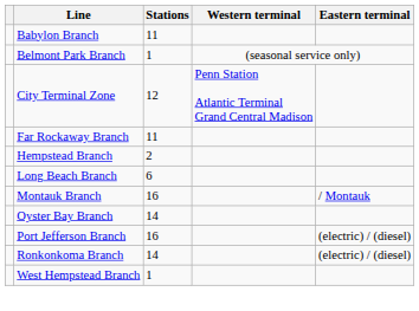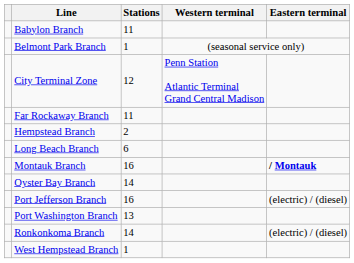 <table class="wikitable sortable">
 <tr>
 <th class="unsortable"></th>
 <th>Line</th>
 <th>Stations</th>
 <th class="unsortable">Western terminal</th>
 <th class="unsortable">Eastern terminal</th>
 </tr>
 <tr>
 <td style="background-color:#"> </td>
 <td><a href='#'>Babylon Branch</a></td>
 <td>11</td>
 <td></td>
 <td></td>
 </tr>
 <tr>
 <td style="background-color:#"> </td>
 <td><a href='#'>Belmont Park Branch</a></td>
 <td>1</td>
 <td colspan=2 align=center> (seasonal service only)</td>
 </tr>
 <tr>
 <td style="background-color:#"> </td>
 <td><a href='#'>City Terminal Zone</a></td>
 <td>12</td>
 <td><a href='#'>Penn Station</a><br><br><a href='#'>Atlantic Terminal</a><br><a href='#'>Grand Central Madison</a></td>
 <td></td>
 </tr>
 <tr>
 <td style="background-color:#"> </td>
 <td><a href='#'>Far Rockaway Branch</a></td>
 <td>11</td>
 <td></td>
 <td></td>
 </tr>
 <tr>
 <td style="background-color:#"> </td>
 <td><a href='#'>Hempstead Branch</a></td>
 <td>2</td>
 <td></td>
 <td></td>
 </tr>
 <tr>
 <td style="background-color:#"> </td>
 <td><a href='#'>Long Beach Branch</a></td>
 <td>6</td>
 <td></td>
 <td></td>
 </tr>
 <tr>
 <td style="background-color:#"> </td>
 <td><a href='#'>Montauk Branch</a></td>
 <td>16</td>
 <td></td>
-<td> / <a href='#'>Montauk</a></td>
+<td><strong> / <a href='#'>Montauk</a></strong></td>
 </tr>
 <tr>
 <td style="background-color:#"> </td>
 <td><a href='#'>Oyster Bay Branch</a></td>
 <td>14</td>
 <td></td>
 <td></td>
 </tr>
 <tr>
 <td style="background-color:#"> </td>
 <td><a href='#'>Port Jefferson Branch</a></td>
 <td>16</td>
 <td></td>
 <td> (electric) /  (diesel)</td>
 </tr>
 <tr>
 <td style="background-color:#"> </td>
+<td><a href='#'>Port Washington Branch</a></td>
+<td>13</td>
+<td></td>
+<td></td>
+</tr>
+<tr>
+<td style="background-color:#"> </td>
 <td><a href='#'>Ronkonkoma Branch</a></td>
 <td>14</td>
 <td></td>
 <td> (electric) /  (diesel)</td>
 </tr>
 <tr>
 <td style="background-color:#"> </td>
 <td><a href='#'>West Hempstead Branch</a></td>
 <td>1</td>
 <td></td>
 <td></td>
 </tr>
 </table>
